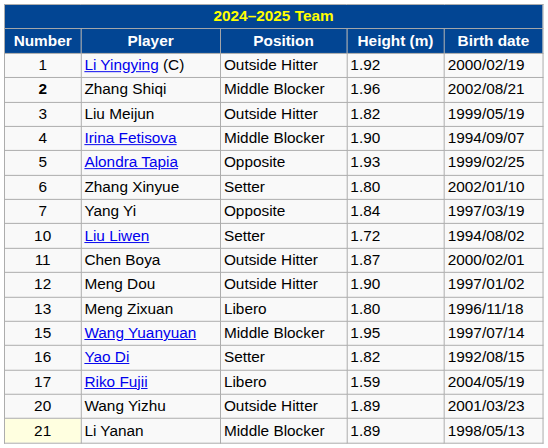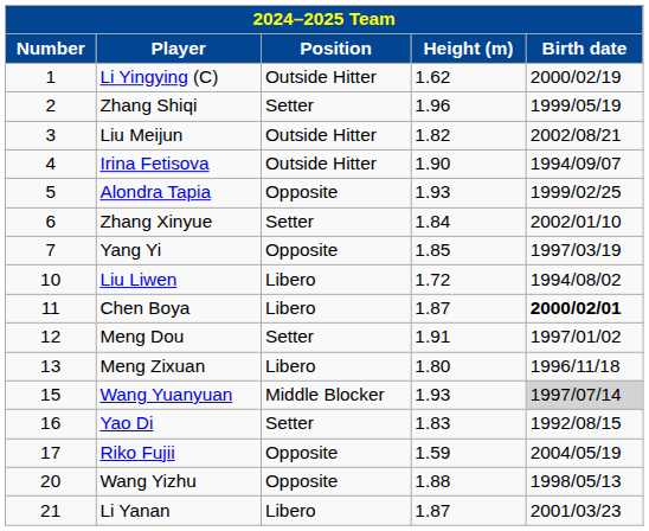 <table class="wikitable" style="width:90%;">
 <tr>
 <th style="color:#ffff00; background:#024593;" colspan=6><strong>2024–2025 Team</strong></th>
 </tr>
 <tr>
 <th style="color:#ffffff; background:#024593;">Number</th>
 <th style="color:#ffffff; background:#024593;">Player</th>
 <th style="color:#ffffff; background:#024593;">Position</th>
 <th style="color:#ffffff; background:#024593;">Height (m)</th>
 <th style="color:#ffffff; background:#024593;">Birth date</th>
 </tr>
 <tr align=left>
 <td align=center>1</td>
 <td> <a href='#'>Li Yingying</a> (C)</td>
 <td>Outside Hitter</td>
-<td>1.92</td>
+<td>1.62</td>
 <td>2000/02/19</td>
 </tr>
 <tr align="left">
-<td align=center><strong>2</strong></td>
+<td align=center>2</td>
 <td> Zhang Shiqi</td>
-<td>Middle Blocker</td>
+<td>Setter</td>
 <td>1.96</td>
-<td>2002/08/21</td>
+<td>1999/05/19</td>
 </tr>
 <tr align="left">
 <td align=center>3</td>
 <td> Liu Meijun</td>
 <td>Outside Hitter</td>
 <td>1.82</td>
-<td>1999/05/19</td>
+<td>2002/08/21</td>
 </tr>
 <tr align="left">
 <td align=center>4</td>
 <td> <a href='#'>Irina Fetisova</a></td>
-<td>Middle Blocker</td>
+<td>Outside Hitter</td>
 <td>1.90</td>
 <td>1994/09/07</td>
 </tr>
 <tr align="left">
 <td align=center>5</td>
 <td> <a href='#'>Alondra Tapia</a></td>
 <td>Opposite</td>
 <td>1.93</td>
 <td>1999/02/25</td>
 </tr>
 <tr align="left">
 <td align=center>6</td>
 <td> Zhang Xinyue</td>
 <td>Setter</td>
-<td>1.80</td>
+<td>1.84</td>
 <td>2002/01/10</td>
 </tr>
 <tr align="77">
 <td align=center>7</td>
 <td> Yang Yi</td>
 <td>Opposite</td>
-<td>1.84</td>
+<td>1.85</td>
 <td>1997/03/19</td>
 </tr>
 <tr align="left">
 <td align=center>10</td>
 <td> <a href='#'>Liu Liwen</a></td>
-<td>Setter</td>
+<td>Libero</td>
 <td>1.72</td>
 <td>1994/08/02</td>
 </tr>
 <tr align="left">
 <td align=center>11</td>
 <td> Chen Boya</td>
-<td>Outside Hitter</td>
+<td>Libero</td>
 <td>1.87</td>
-<td>2000/02/01</td>
+<td><strong>2000/02/01</strong></td>
 </tr>
 <tr align="left">
 <td align=center>12</td>
 <td> Meng Dou</td>
-<td>Outside Hitter</td>
-<td>1.90</td>
+<td>Setter</td>
+<td>1.91</td>
 <td>1997/01/02</td>
 </tr>
 <tr align="left">
 <td align=center>13</td>
 <td> Meng Zixuan</td>
 <td>Libero</td>
 <td>1.80</td>
 <td>1996/11/18</td>
 </tr>
 <tr align="left">
 <td align=center>15</td>
 <td> <a href='#'>Wang Yuanyuan</a></td>
 <td>Middle Blocker</td>
-<td>1.95</td>
-<td>1997/07/14</td>
+<td>1.93</td>
+<td style="background: lightgrey;">1997/07/14</td>
 </tr>
 <tr align="left">
 <td align=center>16</td>
 <td> <a href='#'>Yao Di</a></td>
 <td>Setter</td>
-<td>1.82</td>
+<td>1.83</td>
 <td>1992/08/15</td>
 </tr>
 <tr align="left">
 <td align=center>17</td>
 <td> <a href='#'>Riko Fujii</a></td>
-<td>Libero</td>
+<td>Opposite</td>
 <td>1.59</td>
 <td>2004/05/19</td>
 </tr>
 <tr align="left">
 <td align=center>20</td>
 <td> Wang Yizhu</td>
-<td>Outside Hitter</td>
-<td>1.89</td>
+<td>Opposite</td>
+<td>1.88</td>
+<td>1998/05/13</td>
+</tr>
+<tr>
+<td align=center>21</td>
+<td> Li Yanan</td>
+<td>Libero</td>
+<td>1.87</td>
 <td>2001/03/23</td>
 </tr>
-<tr>
-<td align=center style="background: lightyellow;">21</td>
-<td> Li Yanan</td>
-<td>Middle Blocker</td>
-<td>1.89</td>
-<td>1998/05/13</td>
-</tr>
 </table>
